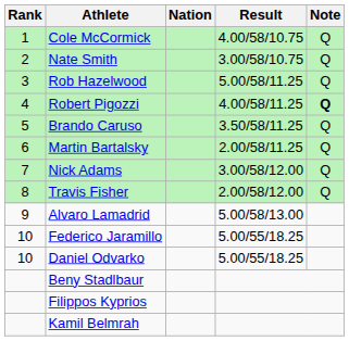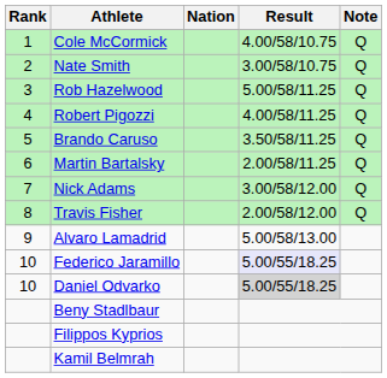 <table class="wikitable sortable" style="text-align:center">
 <tr>
 <th>Rank</th>
 <th>Athlete</th>
 <th>Nation</th>
 <th>Result</th>
 <th>Note</th>
 </tr>
 <tr bgcolor=bbf3bb>
 <td>1</td>
 <td align=left><a href='#'>Cole McCormick</a></td>
 <td align=left></td>
 <td>4.00/58/10.75</td>
 <td>Q</td>
 </tr>
 <tr bgcolor=bbf3bb>
 <td>2</td>
 <td align=left><a href='#'>Nate Smith</a></td>
 <td align=left></td>
 <td>3.00/58/10.75</td>
 <td>Q</td>
 </tr>
 <tr bgcolor=bbf3bb>
 <td>3</td>
 <td align=left><a href='#'>Rob Hazelwood</a></td>
 <td align=left></td>
 <td>5.00/58/11.25</td>
 <td>Q</td>
 </tr>
 <tr bgcolor=bbf3bb>
 <td>4</td>
 <td align=left><a href='#'>Robert Pigozzi</a></td>
 <td align=left></td>
 <td>4.00/58/11.25</td>
-<td><strong>Q</strong></td>
+<td>Q</td>
 </tr>
 <tr bgcolor=bbf3bb>
 <td>5</td>
 <td align=left><a href='#'>Brando Caruso</a></td>
 <td align=left></td>
 <td>3.50/58/11.25</td>
 <td>Q</td>
 </tr>
 <tr bgcolor=bbf3bb>
 <td>6</td>
 <td align=left><a href='#'>Martin Bartalsky</a></td>
 <td align=left></td>
 <td>2.00/58/11.25</td>
 <td>Q</td>
 </tr>
 <tr bgcolor=bbf3bb>
 <td>7</td>
 <td align=left><a href='#'>Nick Adams</a></td>
 <td align=left></td>
 <td>3.00/58/12.00</td>
 <td>Q</td>
 </tr>
 <tr bgcolor=bbf3bb>
 <td>8</td>
 <td align=left><a href='#'>Travis Fisher</a></td>
 <td align=left></td>
 <td>2.00/58/12.00</td>
 <td>Q</td>
 </tr>
 <tr>
 <td>9</td>
 <td align=left><a href='#'>Alvaro Lamadrid</a></td>
 <td align=left></td>
 <td>5.00/58/13.00</td>
 <td></td>
 </tr>
 <tr>
 <td>10</td>
 <td align=left><a href='#'>Federico Jaramillo</a></td>
 <td align=left></td>
-<td>5.00/55/18.25</td>
+<td style="background: lavender;">5.00/55/18.25</td>
 <td></td>
 </tr>
 <tr>
 <td>10</td>
 <td align=left><a href='#'>Daniel Odvarko</a></td>
 <td align=left></td>
-<td>5.00/55/18.25</td>
+<td style="background: lightgrey;">5.00/55/18.25</td>
 <td></td>
 </tr>
 <tr>
 <td></td>
 <td align=left><a href='#'>Beny Stadlbaur</a></td>
 <td align=left></td>
 <td colspan=2></td>
 </tr>
 <tr>
 <td></td>
 <td align=left><a href='#'>Filippos Kyprios</a></td>
 <td align=left></td>
 <td colspan=2></td>
 </tr>
 <tr>
 <td></td>
 <td align=left><a href='#'>Kamil Belmrah</a></td>
 <td align=left></td>
 <td colspan=2></td>
 </tr>
 </table>
